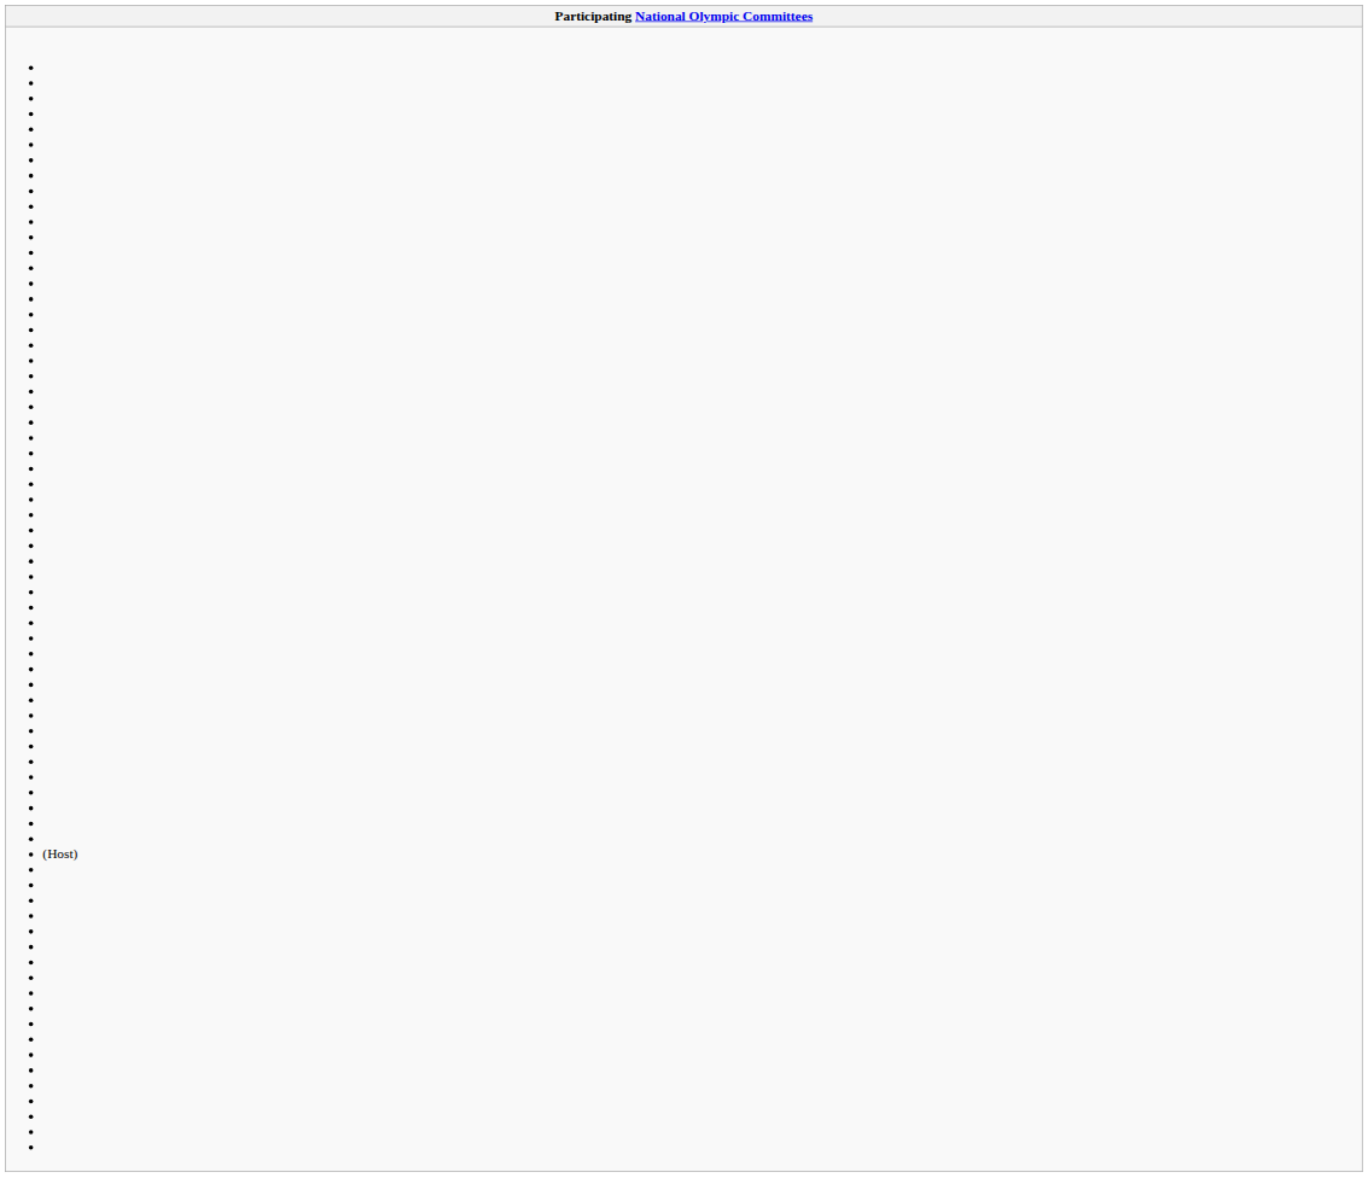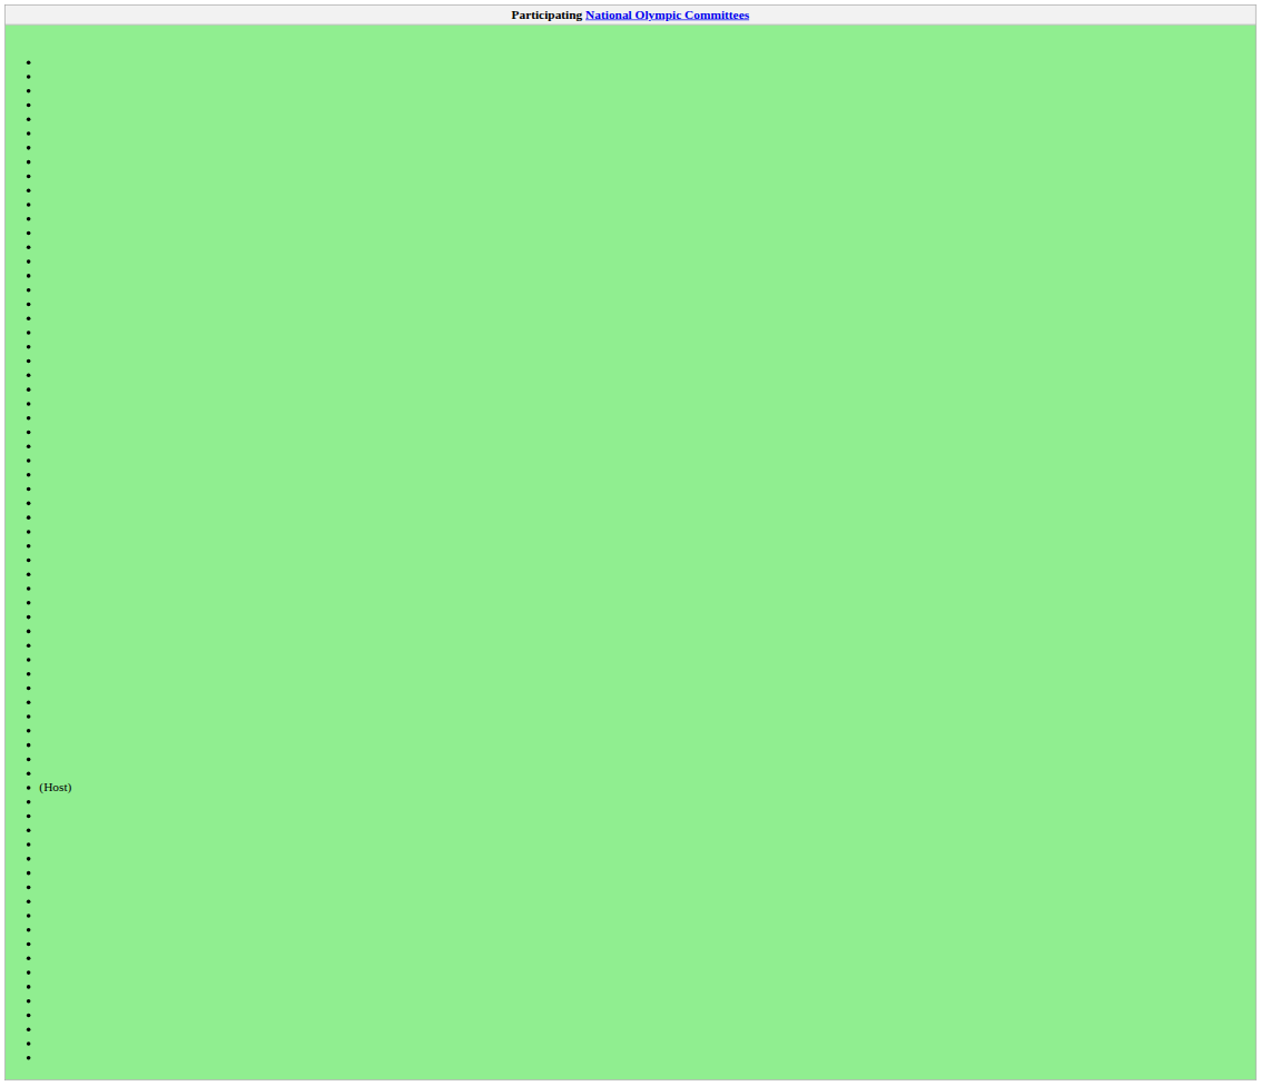 <table class="wikitable collapsible" style="width:100%;">
 <tr>
 <th>Participating <a href='#'>National Olympic Committees</a></th>
 </tr>
 <tr>
-<td><br><ul><li></li><li></li><li></li><li></li><li></li><li></li><li></li><li></li><li></li><li></li><li></li><li></li><li></li><li></li><li></li><li></li><li></li><li></li><li></li><li></li><li></li><li></li><li></li><li></li><li></li><li></li><li></li><li></li><li></li><li></li><li></li><li></li><li></li><li></li><li></li><li></li><li></li><li></li><li></li><li></li><li></li><li></li><li></li><li></li><li></li><li></li><li></li><li></li><li></li><li></li><li></li><li> (Host)</li><li></li><li></li><li></li><li></li><li></li><li></li><li></li><li></li><li></li><li></li><li></li><li></li><li></li><li></li><li></li><li></li><li></li><li></li><li></li></ul></td>
+<td style="background: lightgreen;"><br><ul><li></li><li></li><li></li><li></li><li></li><li></li><li></li><li></li><li></li><li></li><li></li><li></li><li></li><li></li><li></li><li></li><li></li><li></li><li></li><li></li><li></li><li></li><li></li><li></li><li></li><li></li><li></li><li></li><li></li><li></li><li></li><li></li><li></li><li></li><li></li><li></li><li></li><li></li><li></li><li></li><li></li><li></li><li></li><li></li><li></li><li></li><li></li><li></li><li></li><li></li><li></li><li> (Host)</li><li></li><li></li><li></li><li></li><li></li><li></li><li></li><li></li><li></li><li></li><li></li><li></li><li></li><li></li><li></li><li></li><li></li><li></li><li></li></ul></td>
 </tr>
 </table>
